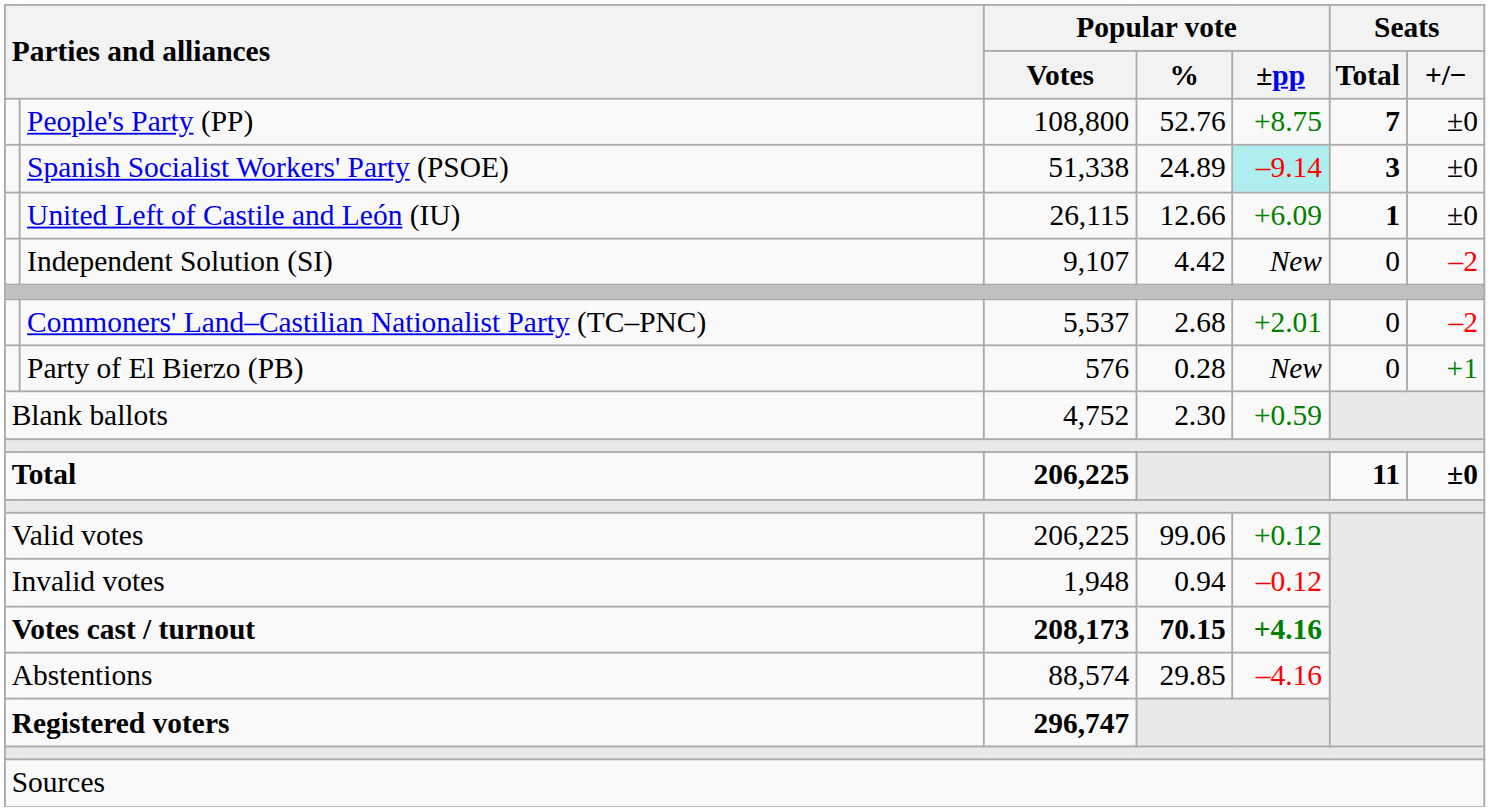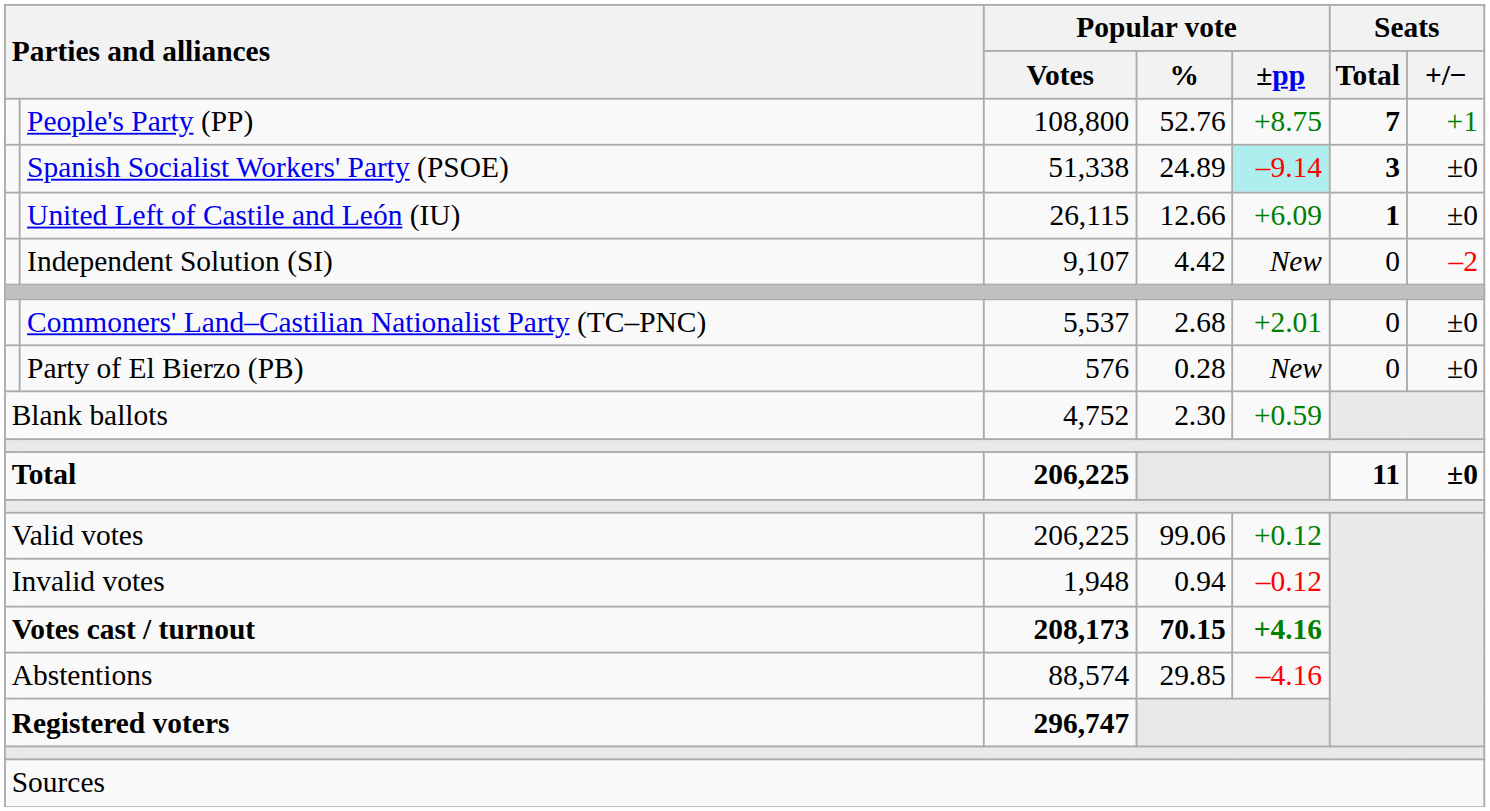 <table class="wikitable" style="text-align:right;">
 <tr>
 <th style="text-align:left;" rowspan="2" colspan="2" width="525">Parties and alliances</th>
 <th colspan="3">Popular vote</th>
 <th colspan="2">Seats</th>
 </tr>
 <tr>
 <th width="75">Votes</th>
 <th width="45">%</th>
 <th width="45">±<a href='#'>pp</a></th>
 <th width="35">Total</th>
 <th width="35">+/−</th>
 </tr>
 <tr>
 <td width="1" style="color:inherit;background:"></td>
 <td align="left"><a href='#'>People's Party</a> (PP)</td>
 <td>108,800</td>
 <td>52.76</td>
 <td style="color:green;">+8.75</td>
 <td><strong>7</strong></td>
-<td>±0</td>
+<td style="color:green;">+1</td>
 </tr>
 <tr>
 <td style="color:inherit;background:"></td>
 <td align="left"><a href='#'>Spanish Socialist Workers' Party</a> (PSOE)</td>
 <td>51,338</td>
 <td>24.89</td>
 <td style="background: paleturquoise; color:red;">–9.14</td>
 <td><strong>3</strong></td>
 <td>±0</td>
 </tr>
 <tr>
 <td style="color:inherit;background:"></td>
 <td align="left"><a href='#'>United Left of Castile and León</a> (IU)</td>
 <td>26,115</td>
 <td>12.66</td>
 <td style="color:green;">+6.09</td>
 <td><strong>1</strong></td>
 <td>±0</td>
 </tr>
 <tr>
 <td style="color:inherit;background:"></td>
 <td align="left">Independent Solution (SI)</td>
 <td>9,107</td>
 <td>4.42</td>
 <td><em>New</em></td>
 <td>0</td>
 <td style="color:red;">–2</td>
 </tr>
 <tr>
 <td colspan="7" bgcolor="#C0C0C0"></td>
 </tr>
 <tr>
 <td style="color:inherit;background:"></td>
 <td align="left"><a href='#'>Commoners' Land–Castilian Nationalist Party</a> (TC–PNC)</td>
 <td>5,537</td>
 <td>2.68</td>
 <td style="color:green;">+2.01</td>
 <td>0</td>
-<td style="color:red;">–2</td>
+<td>±0</td>
 </tr>
 <tr>
 <td style="color:inherit;background:"></td>
 <td align="left">Party of El Bierzo (PB)</td>
 <td>576</td>
 <td>0.28</td>
 <td><em>New</em></td>
 <td>0</td>
-<td style="color:green;">+1</td>
+<td>±0</td>
 </tr>
 <tr>
 <td align="left" colspan="2">Blank ballots</td>
 <td>4,752</td>
 <td>2.30</td>
 <td style="color:green;">+0.59</td>
 <td bgcolor="#E9E9E9" colspan="2"></td>
 </tr>
 <tr>
 <td colspan="7" bgcolor="#E9E9E9"></td>
 </tr>
 <tr style="font-weight:bold;">
 <td align="left" colspan="2">Total</td>
 <td>206,225</td>
 <td bgcolor="#E9E9E9" colspan="2"></td>
 <td>11</td>
 <td>±0</td>
 </tr>
 <tr>
 <td colspan="7" bgcolor="#E9E9E9"></td>
 </tr>
 <tr>
 <td align="left" colspan="2">Valid votes</td>
 <td>206,225</td>
 <td>99.06</td>
 <td style="color:green;">+0.12</td>
 <td bgcolor="#E9E9E9" colspan="2" rowspan="5"></td>
 </tr>
 <tr>
 <td align="left" colspan="2">Invalid votes</td>
 <td>1,948</td>
 <td>0.94</td>
 <td style="color:red;">–0.12</td>
 </tr>
 <tr style="font-weight:bold;">
 <td align="left" colspan="2">Votes cast / turnout</td>
 <td>208,173</td>
 <td>70.15</td>
 <td style="color:green;">+4.16</td>
 </tr>
 <tr>
 <td align="left" colspan="2">Abstentions</td>
 <td>88,574</td>
 <td>29.85</td>
 <td style="color:red;">–4.16</td>
 </tr>
 <tr style="font-weight:bold;">
 <td align="left" colspan="2">Registered voters</td>
 <td>296,747</td>
 <td bgcolor="#E9E9E9" colspan="2"></td>
 </tr>
 <tr>
 <td colspan="7" bgcolor="#E9E9E9"></td>
 </tr>
 <tr>
 <td align="left" colspan="7">Sources</td>
 </tr>
 </table>
